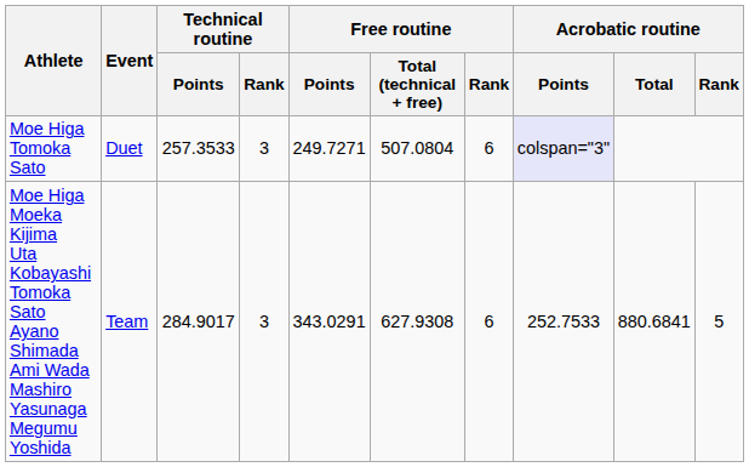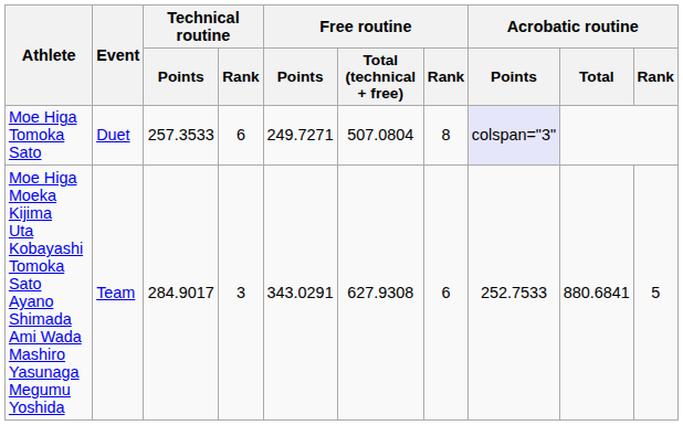 <table class="wikitable" style="font-size:90%">
 <tr>
 <th rowspan="2">Athlete</th>
 <th rowspan="2">Event</th>
 <th colspan=2>Technical routine</th>
 <th colspan=3>Free routine</th>
 <th colspan=3>Acrobatic routine</th>
 </tr>
 <tr style="font-size:95%">
 <th>Points</th>
 <th>Rank</th>
 <th>Points</th>
 <th>Total (technical + free)</th>
 <th>Rank</th>
 <th>Points</th>
 <th>Total</th>
 <th>Rank</th>
 </tr>
 <tr align=center>
 <td align=left><a href='#'>Moe Higa</a><br><a href='#'>Tomoka Sato</a></td>
 <td align=left><a href='#'>Duet</a></td>
 <td>257.3533</td>
-<td>3</td>
+<td>6</td>
 <td>249.7271</td>
 <td>507.0804</td>
-<td>6</td>
+<td>8</td>
 <td style="background: lavender;">colspan="3" </td>
 </tr>
 <tr align=center>
 <td align=left><a href='#'>Moe Higa</a><br><a href='#'>Moeka Kijima</a><br><a href='#'>Uta Kobayashi</a><br><a href='#'>Tomoka Sato</a><br><a href='#'>Ayano Shimada</a><br><a href='#'>Ami Wada</a><br><a href='#'>Mashiro Yasunaga</a><br><a href='#'>Megumu Yoshida</a></td>
 <td align=left><a href='#'>Team</a></td>
 <td>284.9017</td>
 <td>3</td>
 <td>343.0291</td>
 <td>627.9308</td>
 <td>6</td>
 <td>252.7533</td>
 <td>880.6841</td>
 <td>5</td>
 </tr>
 </table>
